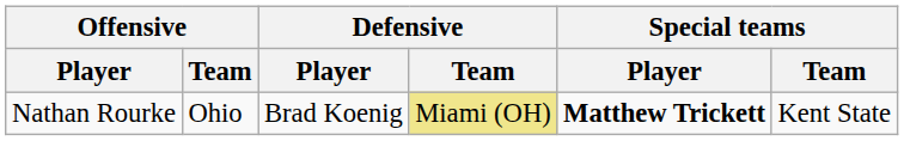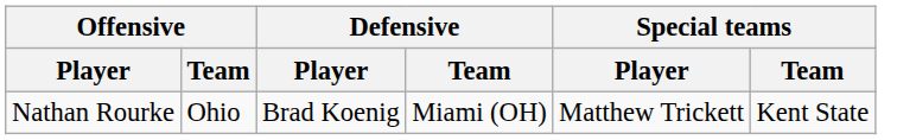 <table class="wikitable" style="display: inline-table;">
 <tr>
 <th colspan="2">Offensive</th>
 <th colspan="2">Defensive</th>
 <th colspan="2">Special teams</th>
 </tr>
 <tr>
 <th>Player</th>
 <th>Team</th>
 <th>Player</th>
 <th>Team</th>
 <th>Player</th>
 <th>Team</th>
 </tr>
 <tr>
 <td>Nathan Rourke</td>
 <td>Ohio</td>
 <td>Brad Koenig</td>
-<td style="background: khaki;">Miami (OH)</td>
-<td><strong>Matthew Trickett</strong></td>
+<td>Miami (OH)</td>
+<td>Matthew Trickett</td>
 <td>Kent State</td>
 </tr>
 </table>
